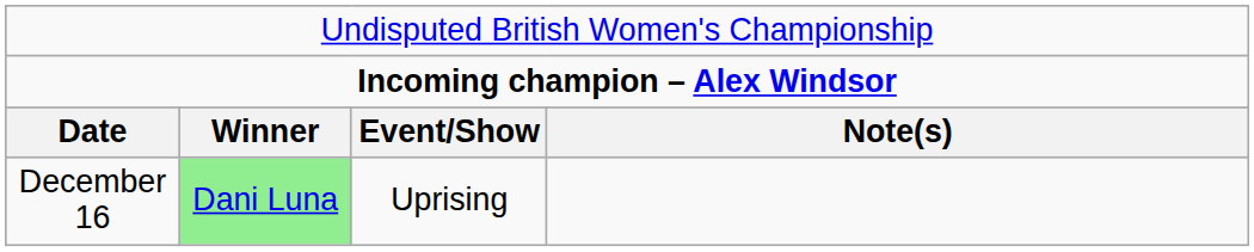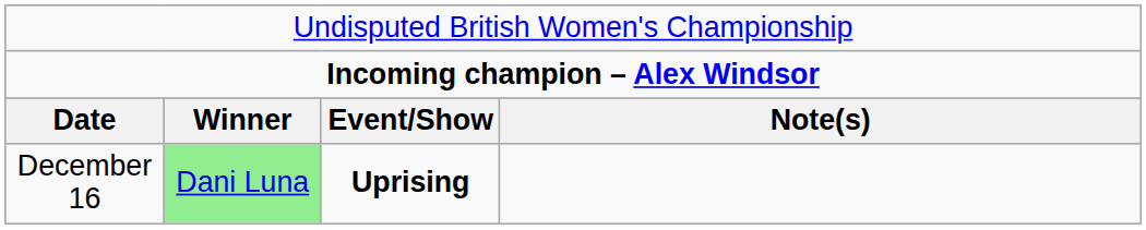 <table class="wikitable" style="text-align:center; width:100%;">
 <tr>
 <td colspan="5" style="text-align: center;"><a href='#'>Undisputed British Women's Championship</a></td>
 </tr>
 <tr>
 <td colspan="5" style="text-align: center;"><strong>Incoming champion – <a href='#'>Alex Windsor</a></strong></td>
 </tr>
 <tr>
 <th width=14%>Date</th>
 <th width=14%>Winner</th>
 <th width=14%>Event/Show</th>
 <th width=58%>Note(s)</th>
 </tr>
 <tr>
 <td>December 16</td>
 <td style="background: lightgreen;"><a href='#'>Dani Luna</a></td>
-<td>Uprising</td>
+<td><strong>Uprising</strong></td>
 <td></td>
 </tr>
 </table>
